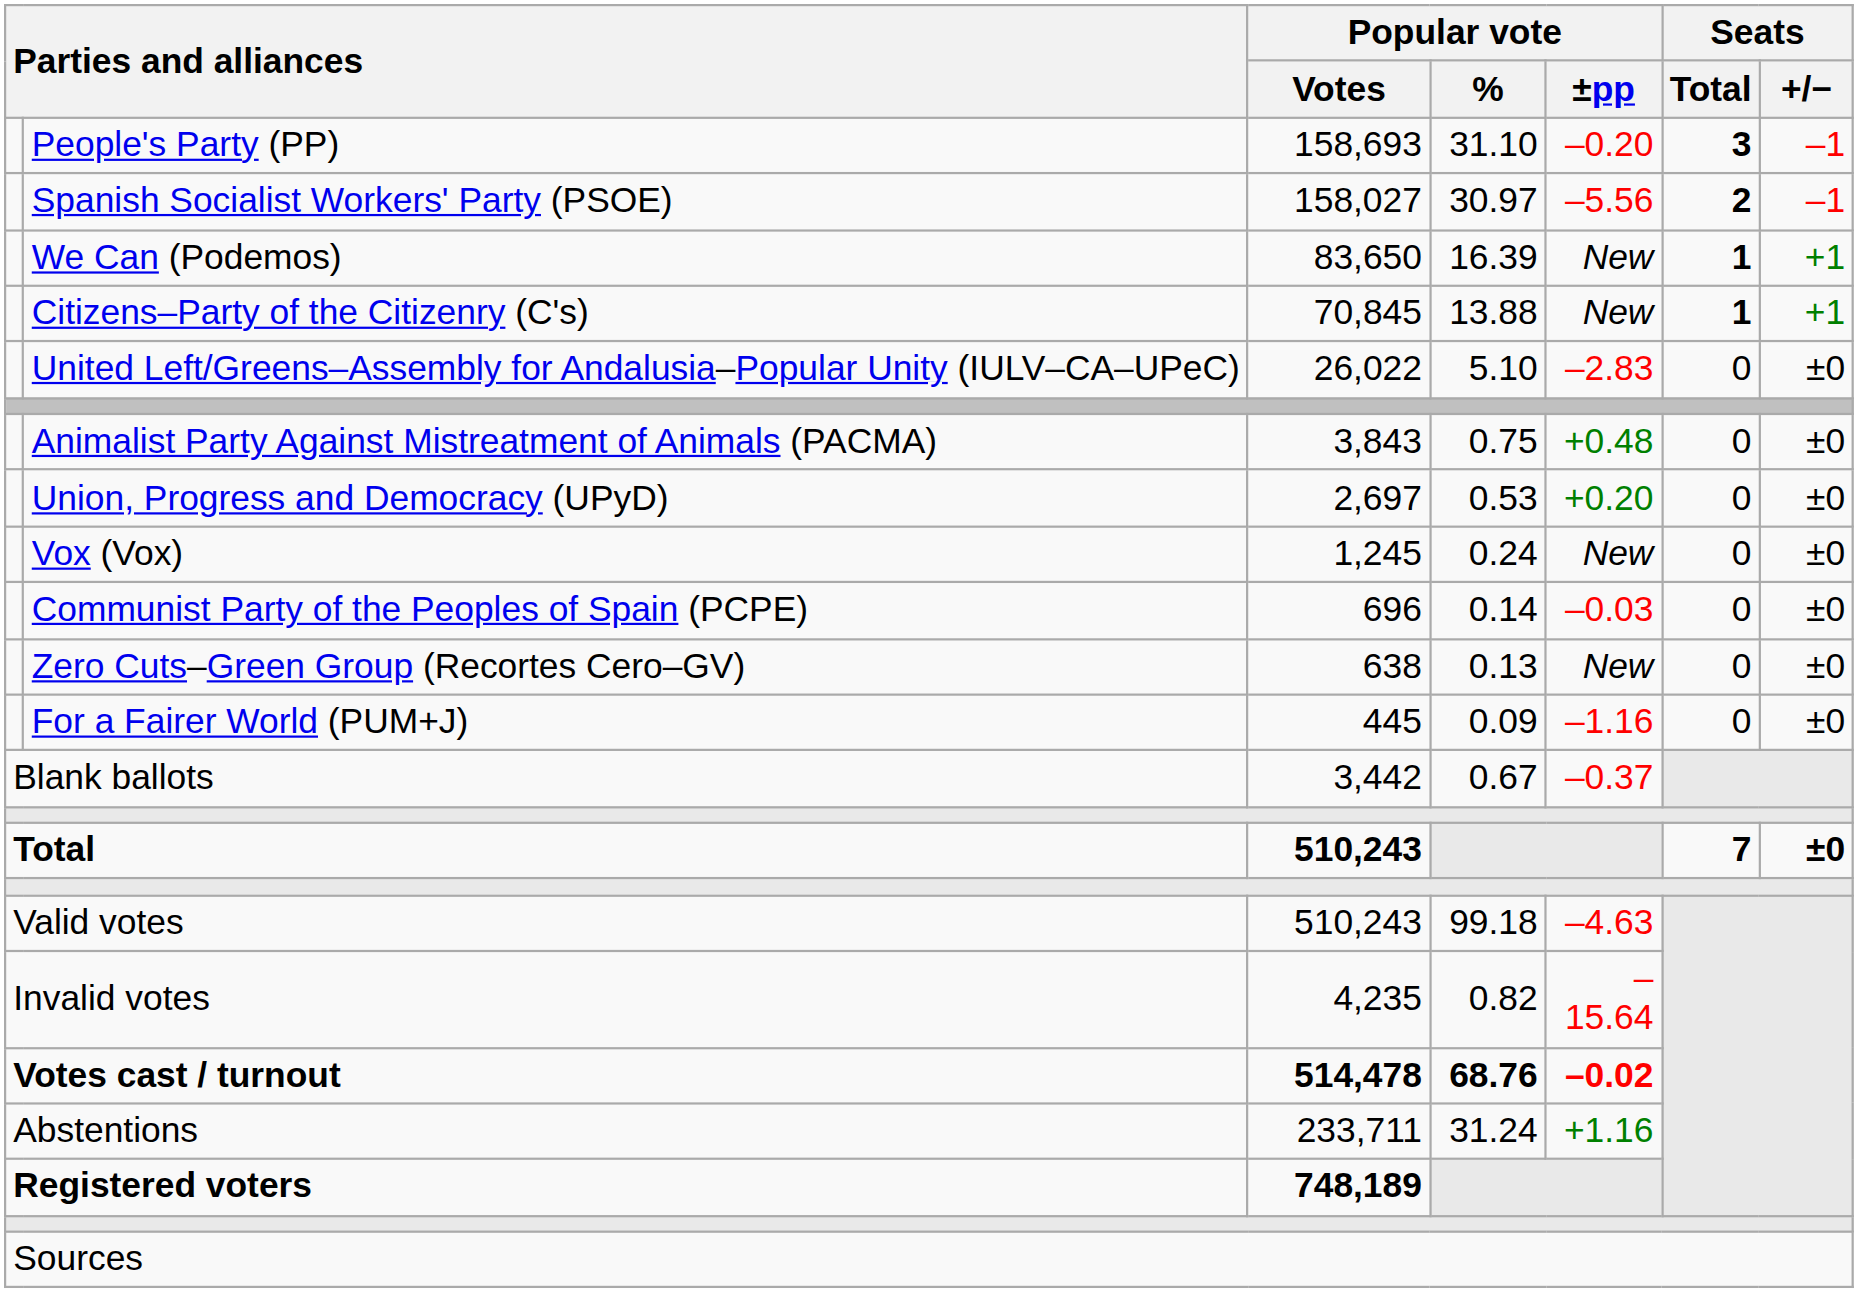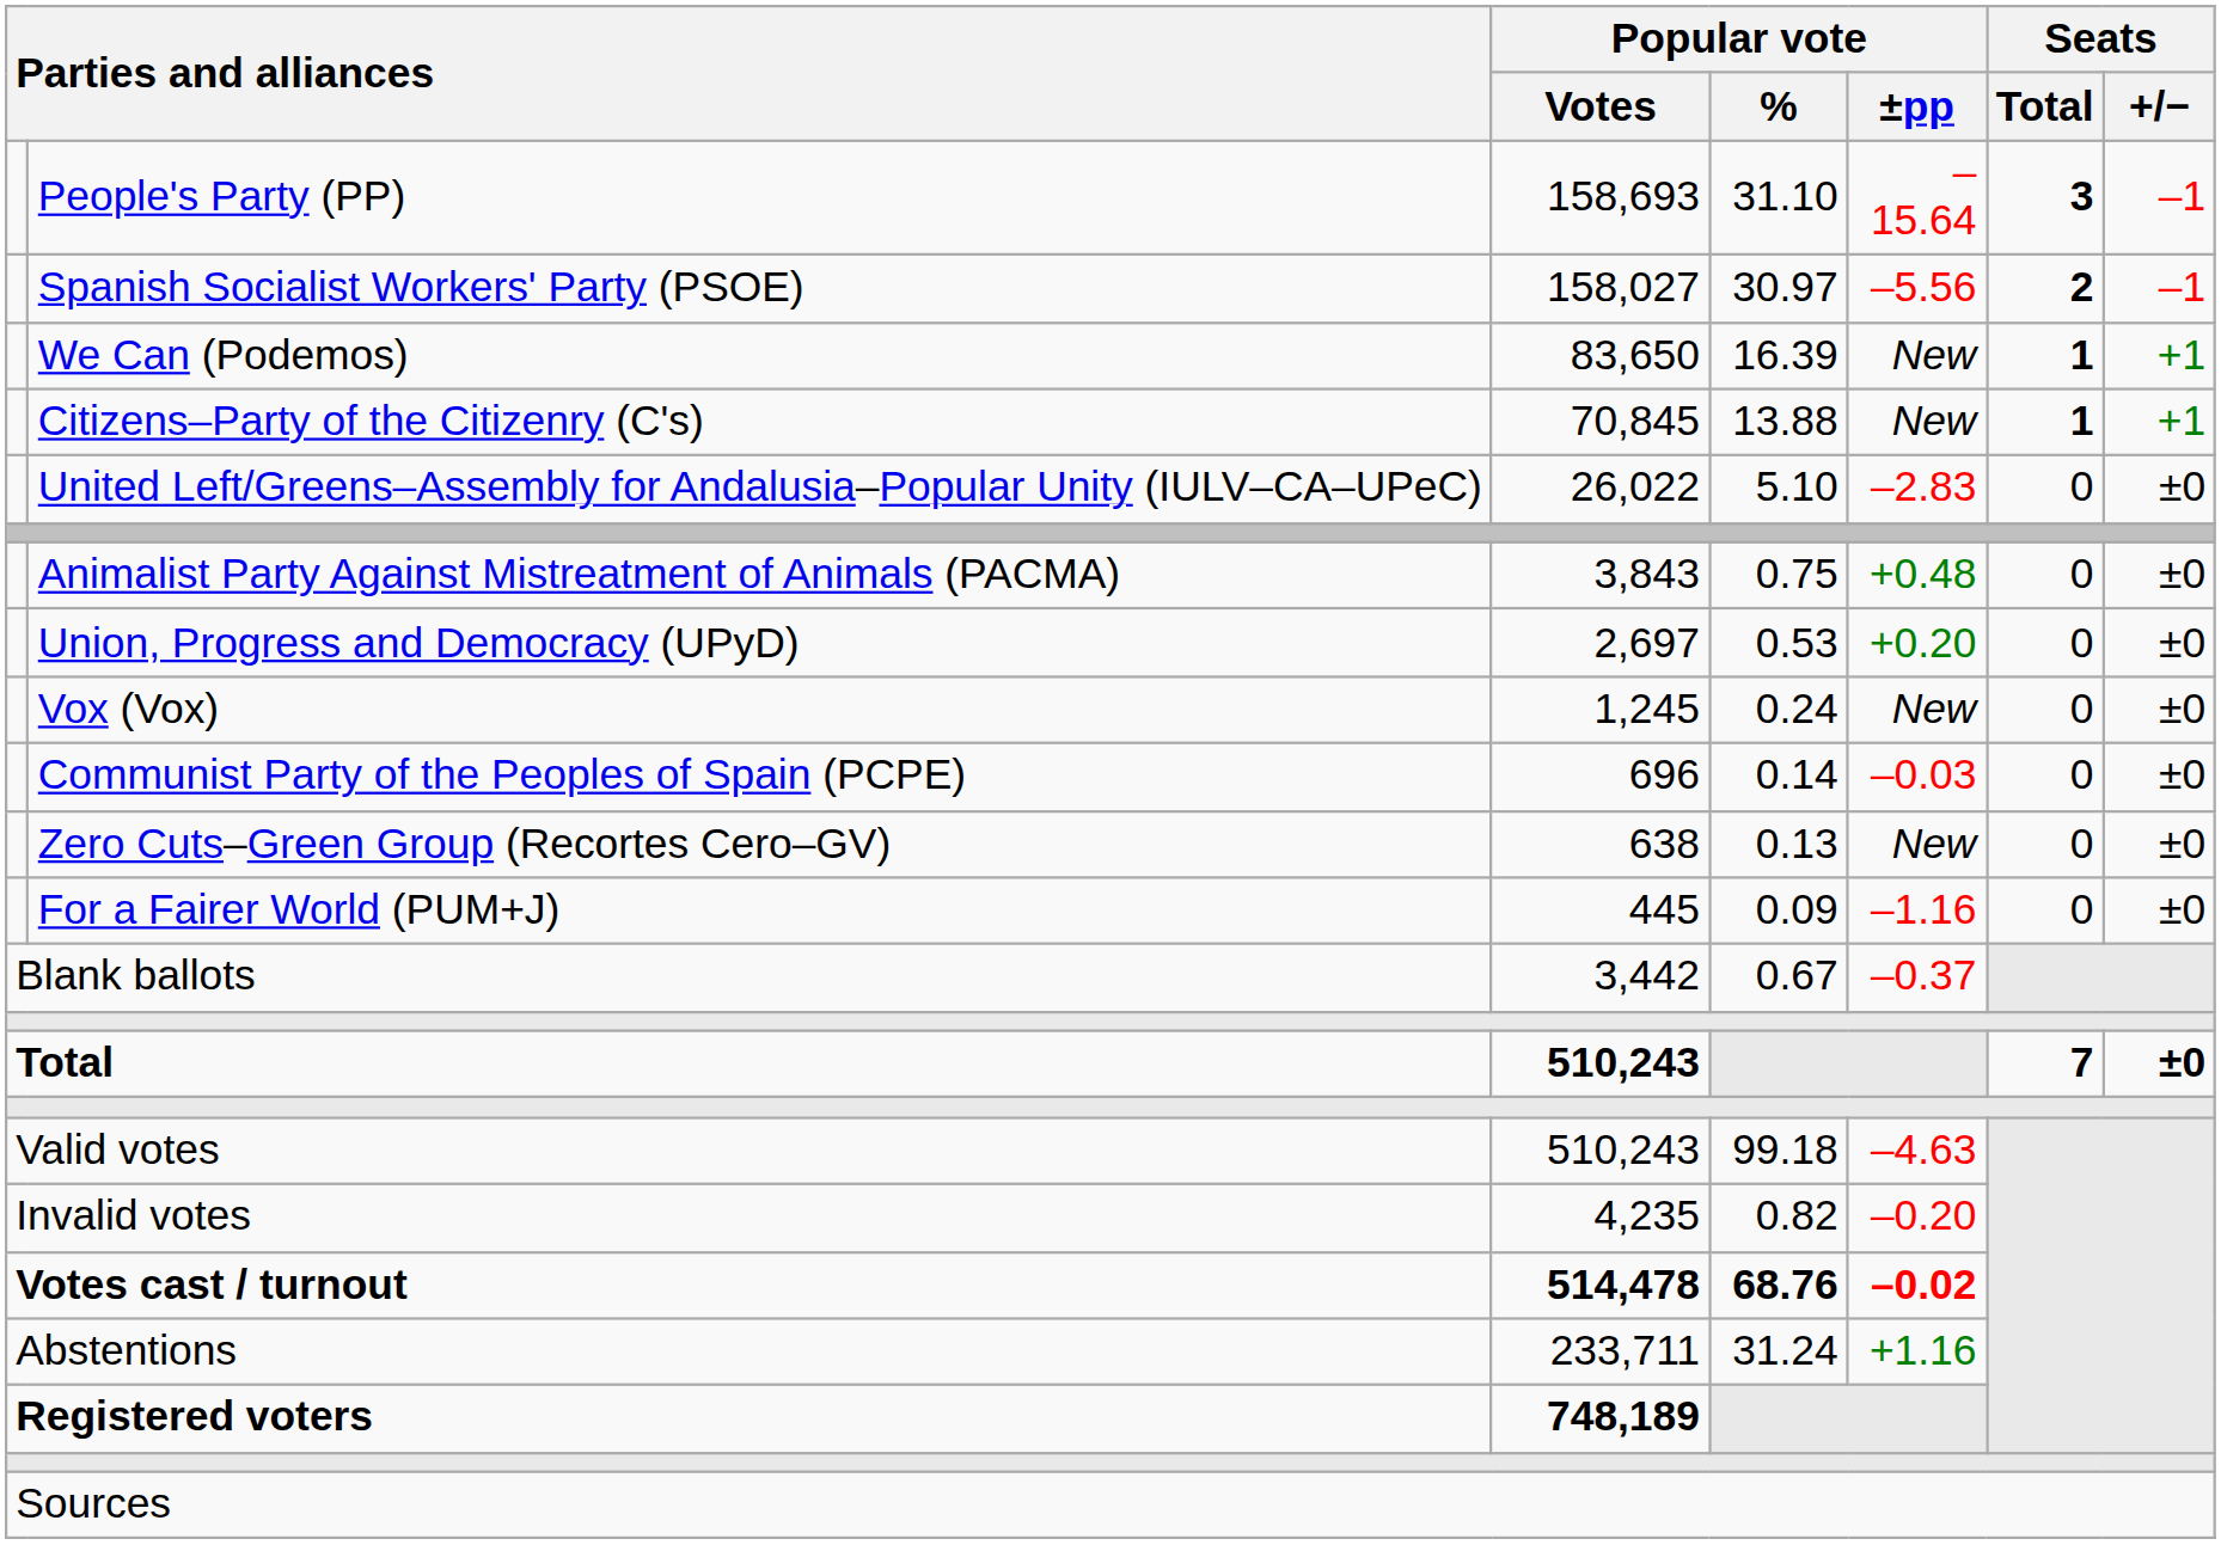 <table class="wikitable" style="text-align:right;">
 <tr>
 <th style="text-align:left;" rowspan="2" colspan="2" width="525">Parties and alliances</th>
 <th colspan="3">Popular vote</th>
 <th colspan="2">Seats</th>
 </tr>
 <tr>
 <th width="75">Votes</th>
 <th width="45">%</th>
 <th width="45">±<a href='#'>pp</a></th>
 <th width="35">Total</th>
 <th width="35">+/−</th>
 </tr>
 <tr>
 <td width="1" style="color:inherit;background:"></td>
 <td align="left"><a href='#'>People's Party</a> (PP)</td>
 <td>158,693</td>
 <td>31.10</td>
-<td style="color:red;">–0.20</td>
+<td style="color:red;">–15.64</td>
 <td><strong>3</strong></td>
 <td style="color:red;">–1</td>
 </tr>
 <tr>
 <td style="color:inherit;background:"></td>
 <td align="left"><a href='#'>Spanish Socialist Workers' Party</a> (PSOE)</td>
 <td>158,027</td>
 <td>30.97</td>
 <td style="color:red;">–5.56</td>
 <td><strong>2</strong></td>
 <td style="color:red;">–1</td>
 </tr>
 <tr>
 <td style="color:inherit;background:"></td>
 <td align="left"><a href='#'>We Can</a> (Podemos)</td>
 <td>83,650</td>
 <td>16.39</td>
 <td><em>New</em></td>
 <td><strong>1</strong></td>
 <td style="color:green;">+1</td>
 </tr>
 <tr>
 <td style="color:inherit;background:"></td>
 <td align="left"><a href='#'>Citizens–Party of the Citizenry</a> (C's)</td>
 <td>70,845</td>
 <td>13.88</td>
 <td><em>New</em></td>
 <td><strong>1</strong></td>
 <td style="color:green;">+1</td>
 </tr>
 <tr>
 <td style="color:inherit;background:"></td>
 <td align="left"><a href='#'>United Left/Greens–Assembly for Andalusia</a>–<a href='#'>Popular Unity</a> (IULV–CA–UPeC)</td>
 <td>26,022</td>
 <td>5.10</td>
 <td style="color:red;">–2.83</td>
 <td>0</td>
 <td>±0</td>
 </tr>
 <tr>
 <td colspan="7" bgcolor="#C0C0C0"></td>
 </tr>
 <tr>
 <td style="color:inherit;background:"></td>
 <td align="left"><a href='#'>Animalist Party Against Mistreatment of Animals</a> (PACMA)</td>
 <td>3,843</td>
 <td>0.75</td>
 <td style="color:green;">+0.48</td>
 <td>0</td>
 <td>±0</td>
 </tr>
 <tr>
 <td style="color:inherit;background:"></td>
 <td align="left"><a href='#'>Union, Progress and Democracy</a> (UPyD)</td>
 <td>2,697</td>
 <td>0.53</td>
 <td style="color:green;">+0.20</td>
 <td>0</td>
 <td>±0</td>
 </tr>
 <tr>
 <td style="color:inherit;background:"></td>
 <td align="left"><a href='#'>Vox</a> (Vox)</td>
 <td>1,245</td>
 <td>0.24</td>
 <td><em>New</em></td>
 <td>0</td>
 <td>±0</td>
 </tr>
 <tr>
 <td style="color:inherit;background:"></td>
 <td align="left"><a href='#'>Communist Party of the Peoples of Spain</a> (PCPE)</td>
 <td>696</td>
 <td>0.14</td>
 <td style="color:red;">–0.03</td>
 <td>0</td>
 <td>±0</td>
 </tr>
 <tr>
 <td style="color:inherit;background:"></td>
 <td align="left"><a href='#'>Zero Cuts</a>–<a href='#'>Green Group</a> (Recortes Cero–GV)</td>
 <td>638</td>
 <td>0.13</td>
 <td><em>New</em></td>
 <td>0</td>
 <td>±0</td>
 </tr>
 <tr>
 <td style="color:inherit;background:"></td>
 <td align="left"><a href='#'>For a Fairer World</a> (PUM+J)</td>
 <td>445</td>
 <td>0.09</td>
 <td style="color:red;">–1.16</td>
 <td>0</td>
 <td>±0</td>
 </tr>
 <tr>
 <td align="left" colspan="2">Blank ballots</td>
 <td>3,442</td>
 <td>0.67</td>
 <td style="color:red;">–0.37</td>
 <td bgcolor="#E9E9E9" colspan="2"></td>
 </tr>
 <tr>
 <td colspan="7" bgcolor="#E9E9E9"></td>
 </tr>
 <tr style="font-weight:bold;">
 <td align="left" colspan="2">Total</td>
 <td>510,243</td>
 <td bgcolor="#E9E9E9" colspan="2"></td>
 <td>7</td>
 <td>±0</td>
 </tr>
 <tr>
 <td colspan="7" bgcolor="#E9E9E9"></td>
 </tr>
 <tr>
 <td align="left" colspan="2">Valid votes</td>
 <td>510,243</td>
 <td>99.18</td>
 <td style="color:red;">–4.63</td>
 <td bgcolor="#E9E9E9" colspan="2" rowspan="5"></td>
 </tr>
 <tr>
 <td align="left" colspan="2">Invalid votes</td>
 <td>4,235</td>
 <td>0.82</td>
-<td style="color:red;">–15.64</td>
+<td style="color:red;">–0.20</td>
 </tr>
 <tr style="font-weight:bold;">
 <td align="left" colspan="2">Votes cast / turnout</td>
 <td>514,478</td>
 <td>68.76</td>
 <td style="color:red;">–0.02</td>
 </tr>
 <tr>
 <td align="left" colspan="2">Abstentions</td>
 <td>233,711</td>
 <td>31.24</td>
 <td style="color:green;">+1.16</td>
 </tr>
 <tr style="font-weight:bold;">
 <td align="left" colspan="2">Registered voters</td>
 <td>748,189</td>
 <td bgcolor="#E9E9E9" colspan="2"></td>
 </tr>
 <tr>
 <td colspan="7" bgcolor="#E9E9E9"></td>
 </tr>
 <tr>
 <td align="left" colspan="7">Sources</td>
 </tr>
 </table>
